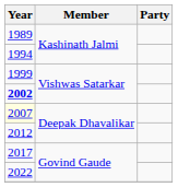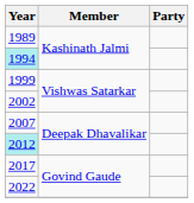 <table class="wikitable sortable">
 <tr>
 <th>Year</th>
 <th>Member</th>
 <th colspan="2">Party</th>
 </tr>
 <tr>
 <td><a href='#'>1989</a></td>
 <td rowspan="2"><a href='#'>Kashinath Jalmi</a></td>
 <td></td>
 </tr>
 <tr>
-<td><a href='#'>1994</a></td>
+<td style="background: paleturquoise;"><a href='#'>1994</a></td>
 </tr>
 <tr>
 <td><a href='#'>1999</a></td>
 <td rowspan="2"><a href='#'>Vishwas Satarkar</a></td>
 <td></td>
 </tr>
 <tr>
-<td><strong><a href='#'>2002</a></strong></td>
+<td><a href='#'>2002</a></td>
 </tr>
 <tr>
-<td style="background: lightyellow;"><a href='#'>2007</a></td>
+<td><a href='#'>2007</a></td>
 <td rowspan="2"><a href='#'>Deepak Dhavalikar</a></td>
 <td></td>
 </tr>
 <tr>
-<td><a href='#'>2012</a></td>
+<td style="background: paleturquoise;"><a href='#'>2012</a></td>
 </tr>
 <tr>
 <td><a href='#'>2017</a></td>
 <td rowspan="2"><a href='#'>Govind Gaude</a></td>
 <td></td>
 </tr>
 <tr>
 <td><a href='#'>2022</a></td>
 <td></td>
 </tr>
 <tr>
 </tr>
 </table>
